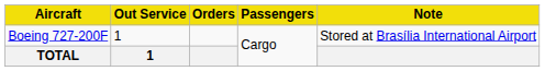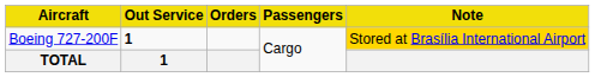 <table class="wikitable" style="margin: 1em auto;">
 <tr>
 <th style="background:#f2df0a; color:black;">Aircraft</th>
 <th style="background:#f2df0a; color:black;">Out Service</th>
 <th style="background:#f2df0a; color:black;">Orders</th>
 <th style="background:#f2df0a; color:black;">Passengers</th>
 <th style="background:#f2df0a; color:black;">Note</th>
 </tr>
 <tr>
 <td rowspan="1"><div><a href='#'>Boeing 727-200F</a></div></td>
-<td rowspan="1"><div>1</div></td>
+<td rowspan="1"><strong><div>1</div></strong></td>
 <td rowspan="1"><div></div></td>
 <td colspan="1" rowspan="2"><div><abbr>Cargo</abbr></div></td>
-<td><div>Stored at <a href='#'>Brasília International Airport</a></div></td>
+<td style="background: gold;"><div>Stored at <a href='#'>Brasília International Airport</a></div></td>
 </tr>
 <tr>
 <th>TOTAL</th>
 <th>1</th>
 <th></th>
 <th colspan="3"></th>
 </tr>
 </table>
